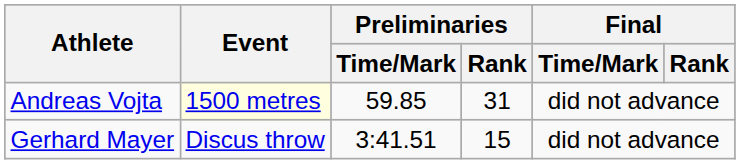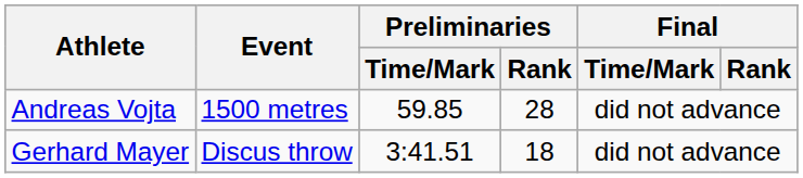 <table class=wikitable style="font-size:90%;">
 <tr>
 <th rowspan=2>Athlete</th>
 <th rowspan=2>Event</th>
 <th colspan=2>Preliminaries</th>
 <th colspan=2>Final</th>
 </tr>
 <tr>
 <th>Time/Mark</th>
 <th>Rank</th>
 <th>Time/Mark</th>
 <th>Rank</th>
 </tr>
 <tr>
 <td><a href='#'>Andreas Vojta</a></td>
-<td style="background: lightyellow;"><a href='#'>1500 metres</a></td>
+<td><a href='#'>1500 metres</a></td>
 <td align="center">59.85</td>
-<td align="center">31</td>
+<td align="center">28</td>
 <td align="center" colspan=2>did not advance</td>
 </tr>
 <tr>
 <td><a href='#'>Gerhard Mayer</a></td>
 <td><a href='#'>Discus throw</a></td>
 <td align="center">3:41.51</td>
-<td align="center">15</td>
+<td align="center">18</td>
 <td align="center" colspan=2>did not advance</td>
 </tr>
 </table>
